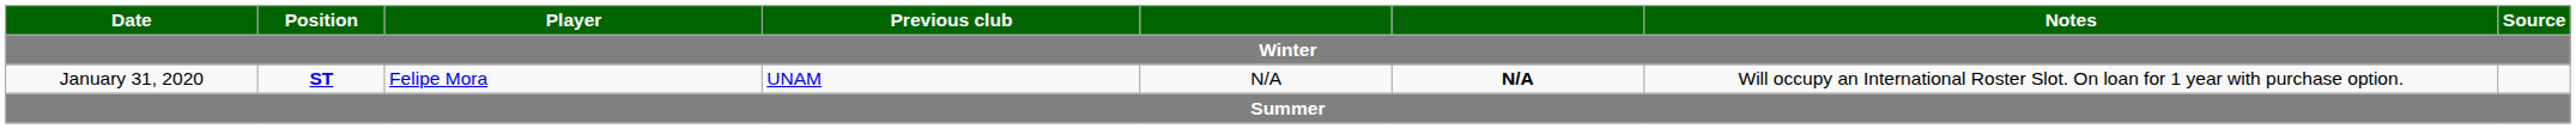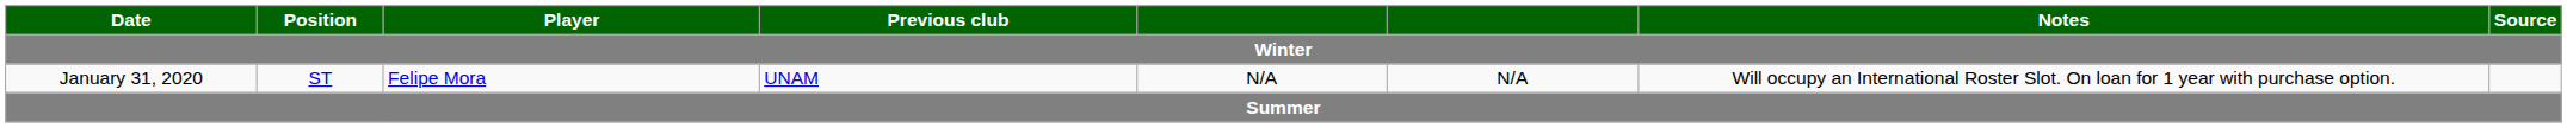 <table class="wikitable" style="text-align:center; font-size:90%; width:100%;">
 <tr>
 <th style="background:darkgreen; color:white; text-align:center; width:10%">Date</th>
 <th style="background:darkgreen; color:white; text-align:center; width:5%">Position</th>
 <th style="background:darkgreen; color:white; text-align:center; width:15%">Player</th>
 <th style="background:darkgreen; color:white; text-align:center; width:15%">Previous club</th>
 <th style="background:darkgreen; color:white; text-align:center; width:10%"></th>
 <th style="background:darkgreen; color:white; text-align:center; width:10%"></th>
 <th style="background:darkgreen; color:white; text-align:center; width:34%">Notes</th>
 <th style="background:darkgreen; color:white; text-align:center; width:1%">Source</th>
 </tr>
 <tr>
 <th colspan="8" style="background:gray; color:white; text-align:center;">Winter</th>
 </tr>
 <tr>
 <td style="text-align:center;">January 31, 2020</td>
-<td style="text-align:center;"><strong><a href='#'>ST</a></strong></td>
+<td style="text-align:center;"><a href='#'>ST</a></td>
 <td align=left> <a href='#'>Felipe Mora</a></td>
 <td align=left> <a href='#'>UNAM</a></td>
 <td style="text-align:center;">N/A</td>
-<td style="text-align:center;"><strong>N/A</strong></td>
+<td style="text-align:center;">N/A</td>
 <td>Will occupy an International Roster Slot. On loan for 1 year with purchase option.</td>
 <td style="text-align:center;"></td>
 </tr>
 <tr>
 <th colspan="8" style="background:gray; color:white; text-align:center;">Summer</th>
 </tr>
 </table>
